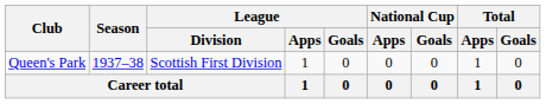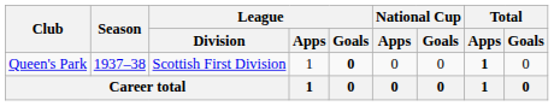 <table class="wikitable" style="text-align: center;">
 <tr>
 <th rowspan="2">Club</th>
 <th rowspan="2">Season</th>
 <th colspan="3">League</th>
 <th colspan="2">National Cup</th>
 <th colspan="2">Total</th>
 </tr>
 <tr>
 <th>Division</th>
 <th>Apps</th>
 <th>Goals</th>
 <th>Apps</th>
 <th>Goals</th>
 <th>Apps</th>
 <th>Goals</th>
 </tr>
 <tr>
 <td><a href='#'>Queen's Park</a></td>
 <td><a href='#'>1937–38</a></td>
 <td><a href='#'>Scottish First Division</a></td>
 <td>1</td>
+<td><strong>0</strong></td>
 <td>0</td>
 <td>0</td>
-<td>0</td>
-<td>1</td>
+<td><strong>1</strong></td>
 <td>0</td>
 </tr>
 <tr>
 <th colspan="3">Career total</th>
 <th>1</th>
 <th>0</th>
 <th>0</th>
 <th>0</th>
 <th>1</th>
 <th>0</th>
 </tr>
 </table>
